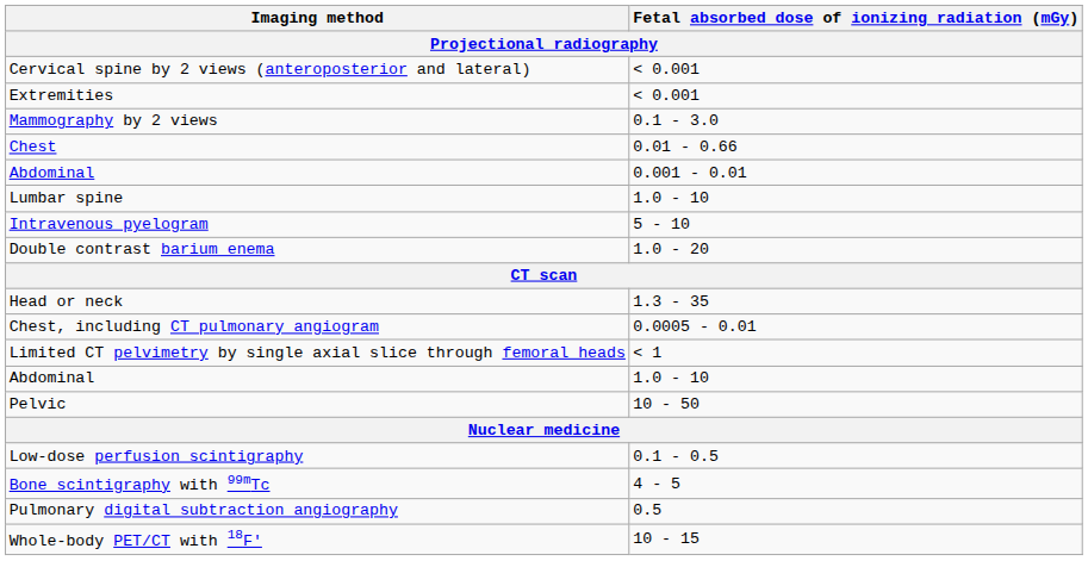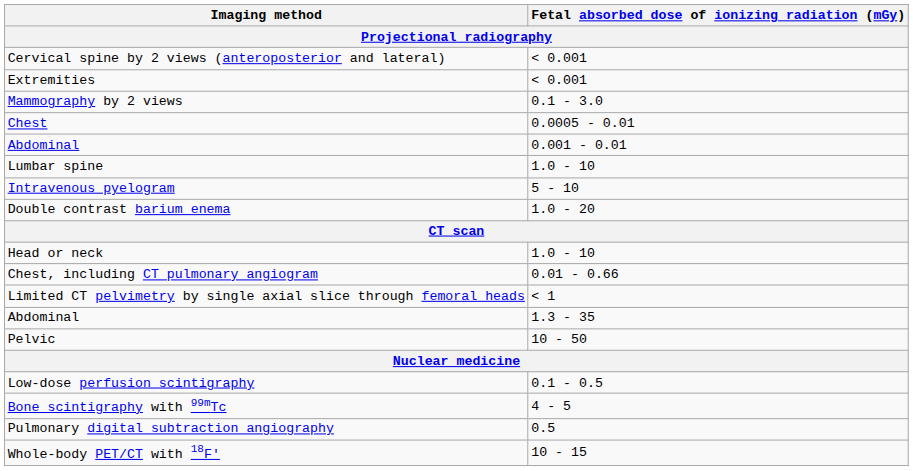 <table class="wikitable">
 <tr>
 <th>Imaging method</th>
 <th>Fetal <a href='#'>absorbed dose</a> of <a href='#'>ionizing radiation</a> (<a href='#'>mGy</a>)</th>
 </tr>
 <tr>
 <th colspan=2><a href='#'>Projectional radiography</a></th>
 </tr>
 <tr>
 <td>Cervical spine by 2 views (<a href='#'>anteroposterior</a> and lateral)</td>
 <td>< 0.001</td>
 </tr>
 <tr>
 <td>Extremities</td>
 <td>< 0.001</td>
 </tr>
 <tr>
 <td><a href='#'>Mammography</a> by 2 views</td>
 <td>0.1 - 3.0</td>
 </tr>
 <tr>
 <td><a href='#'>Chest</a></td>
-<td>0.01 - 0.66</td>
+<td>0.0005 - 0.01</td>
 </tr>
 <tr>
 <td><a href='#'>Abdominal</a></td>
 <td>0.001 - 0.01</td>
 </tr>
 <tr>
 <td>Lumbar spine</td>
 <td>1.0 - 10</td>
 </tr>
 <tr>
 <td><a href='#'>Intravenous pyelogram</a></td>
 <td>5 - 10</td>
 </tr>
 <tr>
 <td>Double contrast <a href='#'>barium enema</a></td>
 <td>1.0 - 20</td>
 </tr>
 <tr>
 <th colspan=2><a href='#'>CT scan</a></th>
 </tr>
 <tr>
 <td>Head or neck</td>
-<td>1.3 - 35</td>
+<td>1.0 - 10</td>
 </tr>
 <tr>
 <td>Chest, including <a href='#'>CT pulmonary angiogram</a></td>
-<td>0.0005 - 0.01</td>
+<td>0.01 - 0.66</td>
 </tr>
 <tr>
 <td>Limited CT <a href='#'>pelvimetry</a> by single axial slice through <a href='#'>femoral heads</a></td>
 <td>< 1</td>
 </tr>
 <tr>
 <td>Abdominal</td>
-<td>1.0 - 10</td>
+<td>1.3 - 35</td>
 </tr>
 <tr>
 <td>Pelvic</td>
 <td>10 - 50</td>
 </tr>
 <tr>
 <th colspan=2><a href='#'>Nuclear medicine</a></th>
 </tr>
 <tr>
 <td>Low-dose <a href='#'>perfusion scintigraphy</a></td>
 <td>0.1 - 0.5</td>
 </tr>
 <tr>
 <td><a href='#'>Bone scintigraphy</a> with <a href='#'><sup>99m</sup>Tc</a></td>
 <td>4 - 5</td>
 </tr>
 <tr>
 <td>Pulmonary <a href='#'>digital subtraction angiography</a></td>
 <td>0.5</td>
 </tr>
 <tr>
 <td>Whole-body <a href='#'>PET/CT</a> with <a href='#'><sup>18</sup>F'</a></td>
 <td>10 - 15</td>
 </tr>
 </table>
